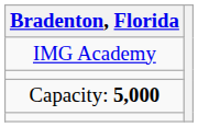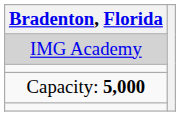 <table class="wikitable" style="text-align:center">
 <tr>
 <th><a href='#'>Bradenton</a>, <a href='#'>Florida</a></th>
 <th rowspan="5"></th>
 </tr>
 <tr>
-<td><a href='#'>IMG Academy</a></td>
+<td style="background: lightgrey;"><a href='#'>IMG Academy</a></td>
 </tr>
 <tr>
 <td><small></small></td>
 </tr>
 <tr>
 <td>Capacity: <strong>5,000</strong></td>
 </tr>
 <tr>
 <td></td>
 </tr>
 </table>
